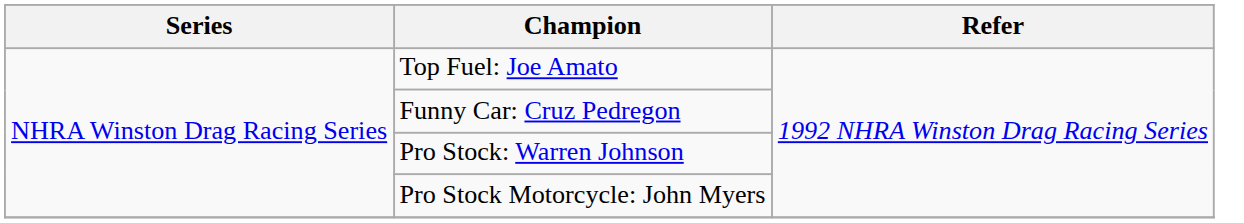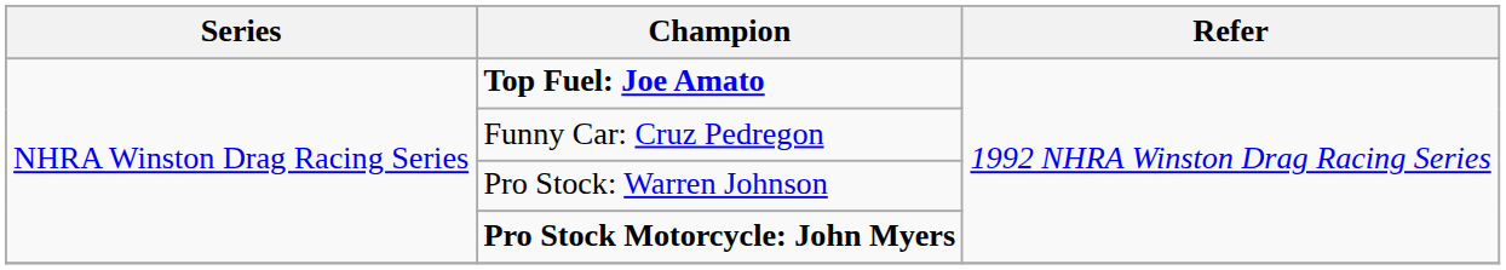 <table class="wikitable" style="font-size:87%;">
 <tr>
 <th>Series</th>
 <th>Champion</th>
 <th>Refer</th>
 </tr>
 <tr>
 <td rowspan=4><a href='#'>NHRA Winston Drag Racing Series</a></td>
-<td>Top Fuel:  <a href='#'>Joe Amato</a></td>
+<td><strong>Top Fuel:  <a href='#'>Joe Amato</a></strong></td>
 <td rowspan=4><em><a href='#'>1992 NHRA Winston Drag Racing Series</a></em></td>
 </tr>
 <tr>
 <td>Funny Car:  <a href='#'>Cruz Pedregon</a></td>
 </tr>
 <tr>
 <td>Pro Stock:  <a href='#'>Warren Johnson</a></td>
 </tr>
 <tr>
-<td>Pro Stock Motorcycle:  John Myers</td>
+<td><strong>Pro Stock Motorcycle:  John Myers</strong></td>
 </tr>
 <tr>
 </tr>
 </table>
